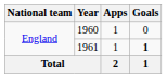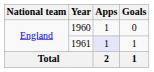 <table class="wikitable" style="text-align:center">
 <tr>
 <th>National team</th>
 <th>Year</th>
 <th>Apps</th>
 <th>Goals</th>
 </tr>
 <tr>
 <td rowspan="2"><a href='#'>England</a></td>
 <td>1960</td>
 <td>1</td>
 <td>0</td>
 </tr>
 <tr>
 <td>1961</td>
+<td style="background: lavender;">1</td>
 <td>1</td>
-<td><strong>1</strong></td>
 </tr>
 <tr>
 <th colspan="2">Total</th>
 <th>2</th>
 <th>1</th>
 </tr>
 </table>
